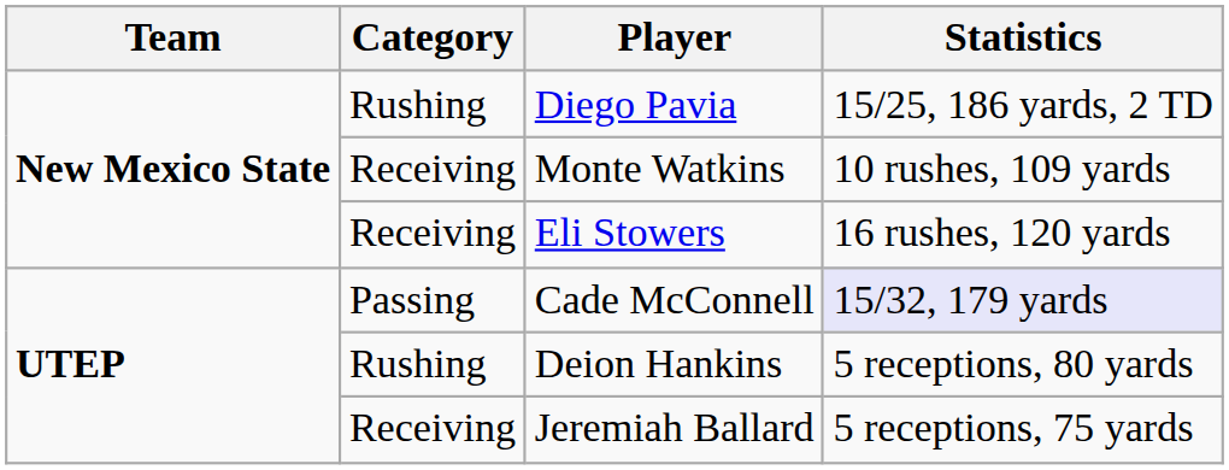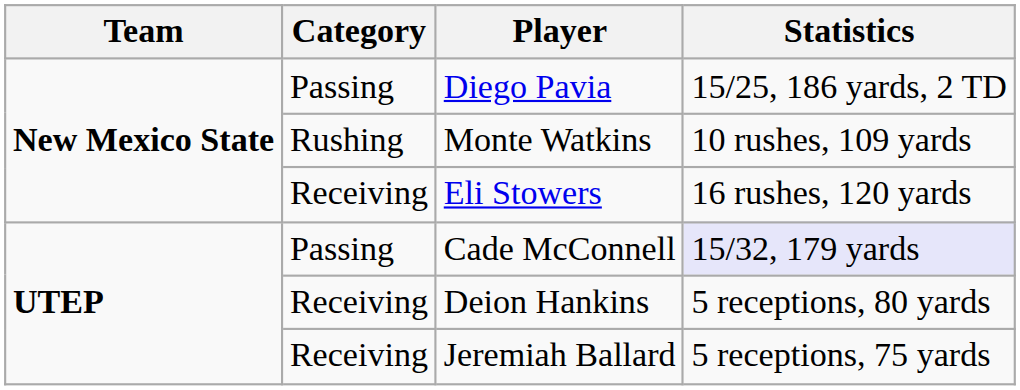 <table class="wikitable" style="float: right;">
 <tr>
 <th>Team</th>
 <th>Category</th>
 <th>Player</th>
 <th>Statistics</th>
 </tr>
 <tr>
 <td rowspan=3><strong>New Mexico State</strong></td>
-<td>Rushing</td>
+<td>Passing</td>
 <td><a href='#'>Diego Pavia</a></td>
 <td>15/25, 186 yards, 2 TD</td>
 </tr>
 <tr>
-<td>Receiving</td>
+<td>Rushing</td>
 <td>Monte Watkins</td>
 <td>10 rushes, 109 yards</td>
 </tr>
 <tr>
 <td>Receiving</td>
 <td><a href='#'>Eli Stowers</a></td>
 <td>16 rushes, 120 yards</td>
 </tr>
 <tr>
 <td rowspan=3><strong>UTEP</strong></td>
 <td>Passing</td>
 <td>Cade McConnell</td>
 <td style="background: lavender;">15/32, 179 yards</td>
 </tr>
 <tr>
-<td>Rushing</td>
+<td>Receiving</td>
 <td>Deion Hankins</td>
 <td>5 receptions, 80 yards</td>
 </tr>
 <tr>
 <td>Receiving</td>
 <td>Jeremiah Ballard</td>
 <td>5 receptions, 75 yards</td>
 </tr>
 </table>
